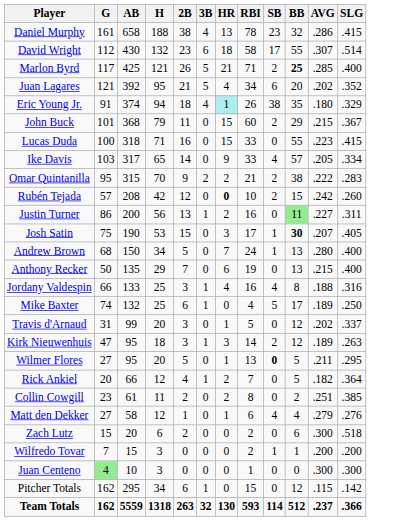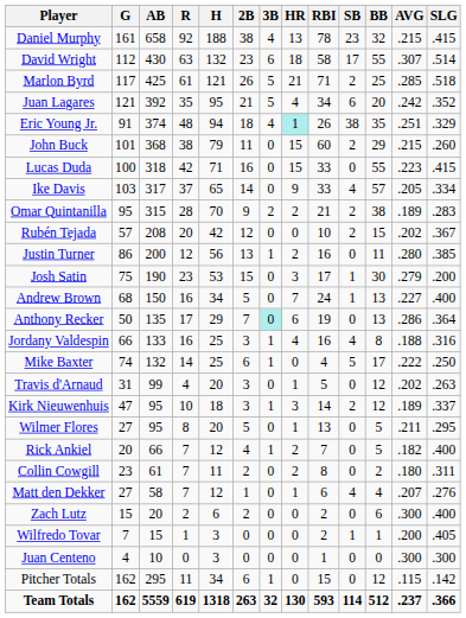 <table class=wikitable style="text-align:center">
 <tr>
 <th>Player</th>
 <th>G</th>
 <th>AB</th>
+<th>R</th>
 <th>H</th>
 <th>2B</th>
 <th>3B</th>
 <th>HR</th>
 <th>RBI</th>
 <th>SB</th>
 <th>BB</th>
 <th>AVG</th>
 <th>SLG</th>
 </tr>
 <tr>
 <td><a href='#'>Daniel Murphy</a></td>
 <td>161</td>
 <td>658</td>
+<td>92</td>
 <td>188</td>
 <td>38</td>
 <td>4</td>
 <td>13</td>
 <td>78</td>
 <td>23</td>
 <td>32</td>
-<td>.286</td>
+<td>.215</td>
 <td>.415</td>
 </tr>
 <tr>
 <td><a href='#'>David Wright</a></td>
 <td>112</td>
 <td>430</td>
+<td>63</td>
 <td>132</td>
 <td>23</td>
 <td>6</td>
 <td>18</td>
 <td>58</td>
 <td>17</td>
 <td>55</td>
 <td>.307</td>
 <td>.514</td>
 </tr>
 <tr>
 <td><a href='#'>Marlon Byrd</a></td>
 <td>117</td>
 <td>425</td>
+<td>61</td>
 <td>121</td>
 <td>26</td>
 <td>5</td>
 <td>21</td>
 <td>71</td>
 <td>2</td>
-<td><strong>25</strong></td>
+<td>25</td>
 <td>.285</td>
-<td>.400</td>
+<td>.518</td>
 </tr>
 <tr>
 <td><a href='#'>Juan Lagares</a></td>
 <td>121</td>
 <td>392</td>
+<td>35</td>
 <td>95</td>
 <td>21</td>
 <td>5</td>
 <td>4</td>
 <td>34</td>
 <td>6</td>
 <td>20</td>
-<td>.202</td>
+<td>.242</td>
 <td>.352</td>
 </tr>
 <tr>
 <td><a href='#'>Eric Young Jr.</a></td>
 <td>91</td>
 <td>374</td>
+<td>48</td>
 <td>94</td>
 <td>18</td>
 <td>4</td>
 <td style="background: paleturquoise;">1</td>
 <td>26</td>
 <td>38</td>
 <td>35</td>
-<td>.180</td>
+<td>.251</td>
 <td>.329</td>
 </tr>
 <tr>
 <td><a href='#'>John Buck</a></td>
 <td>101</td>
 <td>368</td>
+<td>38</td>
 <td>79</td>
 <td>11</td>
 <td>0</td>
 <td>15</td>
 <td>60</td>
 <td>2</td>
 <td>29</td>
 <td>.215</td>
-<td>.367</td>
+<td>.260</td>
 </tr>
 <tr>
 <td><a href='#'>Lucas Duda</a></td>
 <td>100</td>
 <td>318</td>
+<td>42</td>
 <td>71</td>
 <td>16</td>
 <td>0</td>
 <td>15</td>
 <td>33</td>
 <td>0</td>
 <td>55</td>
 <td>.223</td>
 <td>.415</td>
 </tr>
 <tr>
 <td><a href='#'>Ike Davis</a></td>
 <td>103</td>
 <td>317</td>
+<td>37</td>
 <td>65</td>
 <td>14</td>
 <td>0</td>
 <td>9</td>
 <td>33</td>
 <td>4</td>
 <td>57</td>
 <td>.205</td>
 <td>.334</td>
 </tr>
 <tr>
 <td><a href='#'>Omar Quintanilla</a></td>
 <td>95</td>
 <td>315</td>
+<td>28</td>
 <td>70</td>
 <td>9</td>
 <td>2</td>
 <td>2</td>
 <td>21</td>
 <td>2</td>
 <td>38</td>
-<td>.222</td>
+<td>.189</td>
 <td>.283</td>
 </tr>
 <tr>
 <td><a href='#'>Rubén Tejada</a></td>
 <td>57</td>
 <td>208</td>
+<td>20</td>
 <td>42</td>
 <td>12</td>
 <td>0</td>
-<td><strong>0</strong></td>
+<td>0</td>
 <td>10</td>
 <td>2</td>
 <td>15</td>
-<td>.242</td>
-<td>.260</td>
+<td>.202</td>
+<td>.367</td>
 </tr>
 <tr>
 <td><a href='#'>Justin Turner</a></td>
 <td>86</td>
 <td>200</td>
+<td>12</td>
 <td>56</td>
 <td>13</td>
 <td>1</td>
 <td>2</td>
 <td>16</td>
 <td>0</td>
-<td style="background: lightgreen;">11</td>
-<td>.227</td>
-<td>.311</td>
+<td>11</td>
+<td>.280</td>
+<td>.385</td>
 </tr>
 <tr>
 <td><a href='#'>Josh Satin</a></td>
 <td>75</td>
 <td>190</td>
+<td>23</td>
 <td>53</td>
 <td>15</td>
 <td>0</td>
 <td>3</td>
 <td>17</td>
 <td>1</td>
-<td><strong>30</strong></td>
-<td>.207</td>
-<td>.405</td>
+<td>30</td>
+<td>.279</td>
+<td>.200</td>
 </tr>
 <tr>
 <td><a href='#'>Andrew Brown</a></td>
 <td>68</td>
 <td>150</td>
+<td>16</td>
 <td>34</td>
 <td>5</td>
 <td>0</td>
 <td>7</td>
 <td>24</td>
 <td>1</td>
 <td>13</td>
-<td>.280</td>
+<td>.227</td>
 <td>.400</td>
 </tr>
 <tr>
 <td><a href='#'>Anthony Recker</a></td>
 <td>50</td>
 <td>135</td>
+<td>17</td>
 <td>29</td>
 <td>7</td>
-<td>0</td>
+<td style="background: paleturquoise;">0</td>
 <td>6</td>
 <td>19</td>
 <td>0</td>
 <td>13</td>
-<td>.215</td>
-<td>.400</td>
+<td>.286</td>
+<td>.364</td>
 </tr>
 <tr>
 <td><a href='#'>Jordany Valdespin</a></td>
 <td>66</td>
 <td>133</td>
+<td>16</td>
 <td>25</td>
 <td>3</td>
 <td>1</td>
 <td>4</td>
 <td>16</td>
 <td>4</td>
 <td>8</td>
 <td>.188</td>
 <td>.316</td>
 </tr>
 <tr>
 <td><a href='#'>Mike Baxter</a></td>
 <td>74</td>
 <td>132</td>
+<td>14</td>
 <td>25</td>
 <td>6</td>
 <td>1</td>
 <td>0</td>
 <td>4</td>
 <td>5</td>
 <td>17</td>
-<td>.189</td>
+<td>.222</td>
 <td>.250</td>
 </tr>
 <tr>
 <td><a href='#'>Travis d'Arnaud</a></td>
 <td>31</td>
 <td>99</td>
+<td>4</td>
 <td>20</td>
 <td>3</td>
 <td>0</td>
 <td>1</td>
 <td>5</td>
 <td>0</td>
 <td>12</td>
 <td>.202</td>
-<td>.337</td>
+<td>.263</td>
 </tr>
 <tr>
 <td><a href='#'>Kirk Nieuwenhuis</a></td>
 <td>47</td>
 <td>95</td>
+<td>10</td>
 <td>18</td>
 <td>3</td>
 <td>1</td>
 <td>3</td>
 <td>14</td>
 <td>2</td>
 <td>12</td>
 <td>.189</td>
-<td>.263</td>
+<td>.337</td>
 </tr>
 <tr>
 <td><a href='#'>Wilmer Flores</a></td>
 <td>27</td>
 <td>95</td>
+<td>8</td>
 <td>20</td>
 <td>5</td>
 <td>0</td>
 <td>1</td>
 <td>13</td>
-<td><strong>0</strong></td>
+<td>0</td>
 <td>5</td>
 <td>.211</td>
 <td>.295</td>
 </tr>
 <tr>
 <td><a href='#'>Rick Ankiel</a></td>
 <td>20</td>
 <td>66</td>
+<td>7</td>
 <td>12</td>
 <td>4</td>
 <td>1</td>
 <td>2</td>
 <td>7</td>
 <td>0</td>
 <td>5</td>
 <td>.182</td>
-<td>.364</td>
+<td>.400</td>
 </tr>
 <tr>
 <td><a href='#'>Collin Cowgill</a></td>
 <td>23</td>
 <td>61</td>
+<td>7</td>
 <td>11</td>
 <td>2</td>
 <td>0</td>
 <td>2</td>
 <td>8</td>
 <td>0</td>
 <td>2</td>
-<td>.251</td>
-<td>.385</td>
+<td>.180</td>
+<td>.311</td>
 </tr>
 <tr>
 <td><a href='#'>Matt den Dekker</a></td>
 <td>27</td>
 <td>58</td>
+<td>7</td>
 <td>12</td>
 <td>1</td>
 <td>0</td>
 <td>1</td>
 <td>6</td>
 <td>4</td>
 <td>4</td>
-<td>.279</td>
+<td>.207</td>
 <td>.276</td>
 </tr>
 <tr>
 <td><a href='#'>Zach Lutz</a></td>
 <td>15</td>
 <td>20</td>
+<td>2</td>
 <td>6</td>
 <td>2</td>
 <td>0</td>
 <td>0</td>
 <td>2</td>
 <td>0</td>
 <td>6</td>
 <td>.300</td>
-<td>.518</td>
+<td>.400</td>
 </tr>
 <tr>
 <td><a href='#'>Wilfredo Tovar</a></td>
 <td>7</td>
 <td>15</td>
+<td>1</td>
 <td>3</td>
 <td>0</td>
 <td>0</td>
 <td>0</td>
 <td>2</td>
 <td>1</td>
 <td>1</td>
 <td>.200</td>
-<td>.200</td>
+<td>.405</td>
 </tr>
 <tr>
 <td><a href='#'>Juan Centeno</a></td>
-<td style="background: lightgreen;">4</td>
+<td>4</td>
 <td>10</td>
+<td>0</td>
 <td>3</td>
 <td>0</td>
 <td>0</td>
 <td>0</td>
 <td>1</td>
 <td>0</td>
 <td>0</td>
 <td>.300</td>
 <td>.300</td>
 </tr>
 <tr>
 <td>Pitcher Totals</td>
 <td>162</td>
 <td>295</td>
+<td>11</td>
 <td>34</td>
 <td>6</td>
 <td>1</td>
 <td>0</td>
 <td>15</td>
 <td>0</td>
 <td>12</td>
 <td>.115</td>
 <td>.142</td>
 </tr>
 <tr>
 <td><strong>Team Totals</strong></td>
 <td><strong>162</strong></td>
 <td><strong>5559</strong></td>
+<td><strong>619</strong></td>
 <td><strong>1318</strong></td>
 <td><strong>263</strong></td>
 <td><strong>32</strong></td>
 <td><strong>130</strong></td>
 <td><strong>593</strong></td>
 <td><strong>114</strong></td>
 <td><strong>512</strong></td>
 <td><strong>.237</strong></td>
 <td><strong>.366</strong></td>
 </tr>
 </table>
